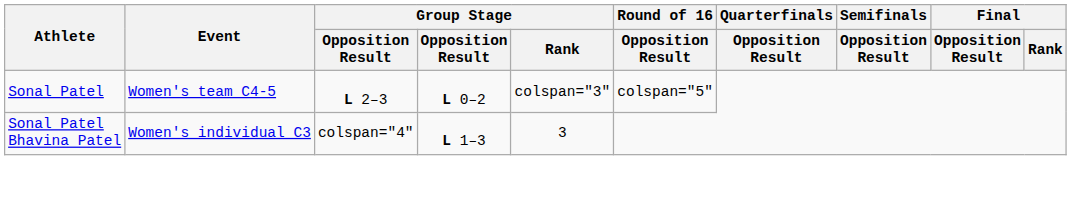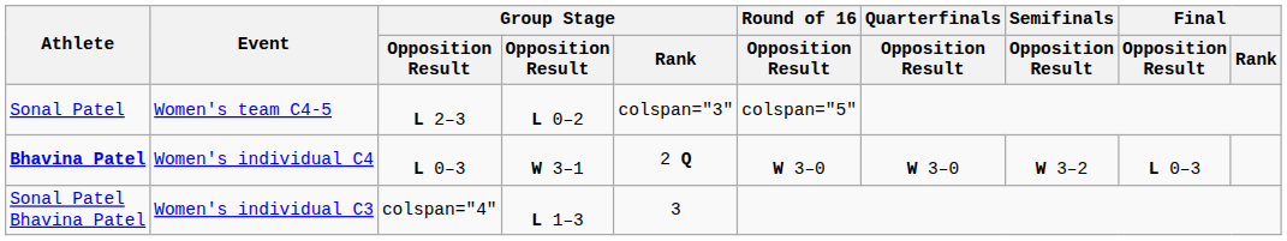 <table class=wikitable style="font-size:90%; text-align:center">
 <tr>
 <th rowspan="2">Athlete</th>
 <th rowspan="2">Event</th>
 <th colspan="3">Group Stage</th>
 <th>Round of 16</th>
 <th>Quarterfinals</th>
 <th>Semifinals</th>
 <th colspan="2">Final</th>
 </tr>
 <tr>
 <th>Opposition<br>Result</th>
 <th>Opposition<br>Result</th>
 <th>Rank</th>
 <th>Opposition<br>Result</th>
 <th>Opposition<br>Result</th>
 <th>Opposition<br>Result</th>
 <th>Opposition<br>Result</th>
 <th>Rank</th>
 </tr>
 <tr>
 <td align=left><a href='#'>Sonal Patel</a></td>
 <td align=left><a href='#'>Women's team C4-5</a></td>
 <td><br><strong>L</strong> 2–3</td>
 <td><br> <strong>L</strong> 0–2</td>
 <td>colspan="3" </td>
 <td>colspan="5" </td>
 </tr>
 <tr>
+<td align=left><strong><a href='#'>Bhavina Patel</a></strong></td>
+<td align=left><a href='#'>Women's individual C4</a></td>
+<td><br><strong>L</strong> 0–3</td>
+<td><br><strong>W</strong> 3–1</td>
+<td>2 <strong>Q</strong></td>
+<td><br><strong>W</strong> 3–0</td>
+<td><br><strong>W</strong> 3–0</td>
+<td><br><strong>W</strong> 3–2</td>
+<td><br><strong>L</strong> 0–3</td>
+<td></td>
+</tr>
+<tr>
 <td align=left><a href='#'>Sonal Patel</a><br><a href='#'>Bhavina Patel</a></td>
 <td align=left><a href='#'>Women's individual C3</a></td>
 <td>colspan="4" </td>
 <td><br><strong>L</strong> 1–3</td>
 <td>3</td>
 </tr>
 </table>
